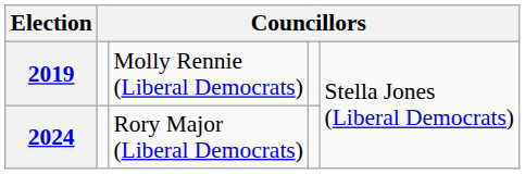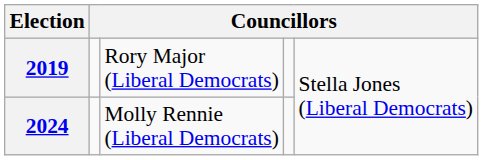 <table class="wikitable">
 <tr>
 <th>Election</th>
 <th colspan="4">Councillors</th>
 </tr>
 <tr>
 <th><a href='#'>2019</a></th>
 <td rowspan="1;" style="background-color: "></td>
-<td>Molly Rennie<br>(<a href='#'>Liberal Democrats</a>)</td>
+<td>Rory Major<br>(<a href='#'>Liberal Democrats</a>)</td>
 <td rowspan="1;" style="background-color: "></td>
 <td rowspan="2">Stella Jones<br>(<a href='#'>Liberal Democrats</a>)</td>
 </tr>
 <tr>
 <th><a href='#'>2024</a></th>
 <td rowspan="1;" style="background-color: "></td>
-<td>Rory Major<br>(<a href='#'>Liberal Democrats</a>)</td>
+<td>Molly Rennie<br>(<a href='#'>Liberal Democrats</a>)</td>
 <td rowspan="1;" style="background-color: "></td>
 </tr>
 </table>
